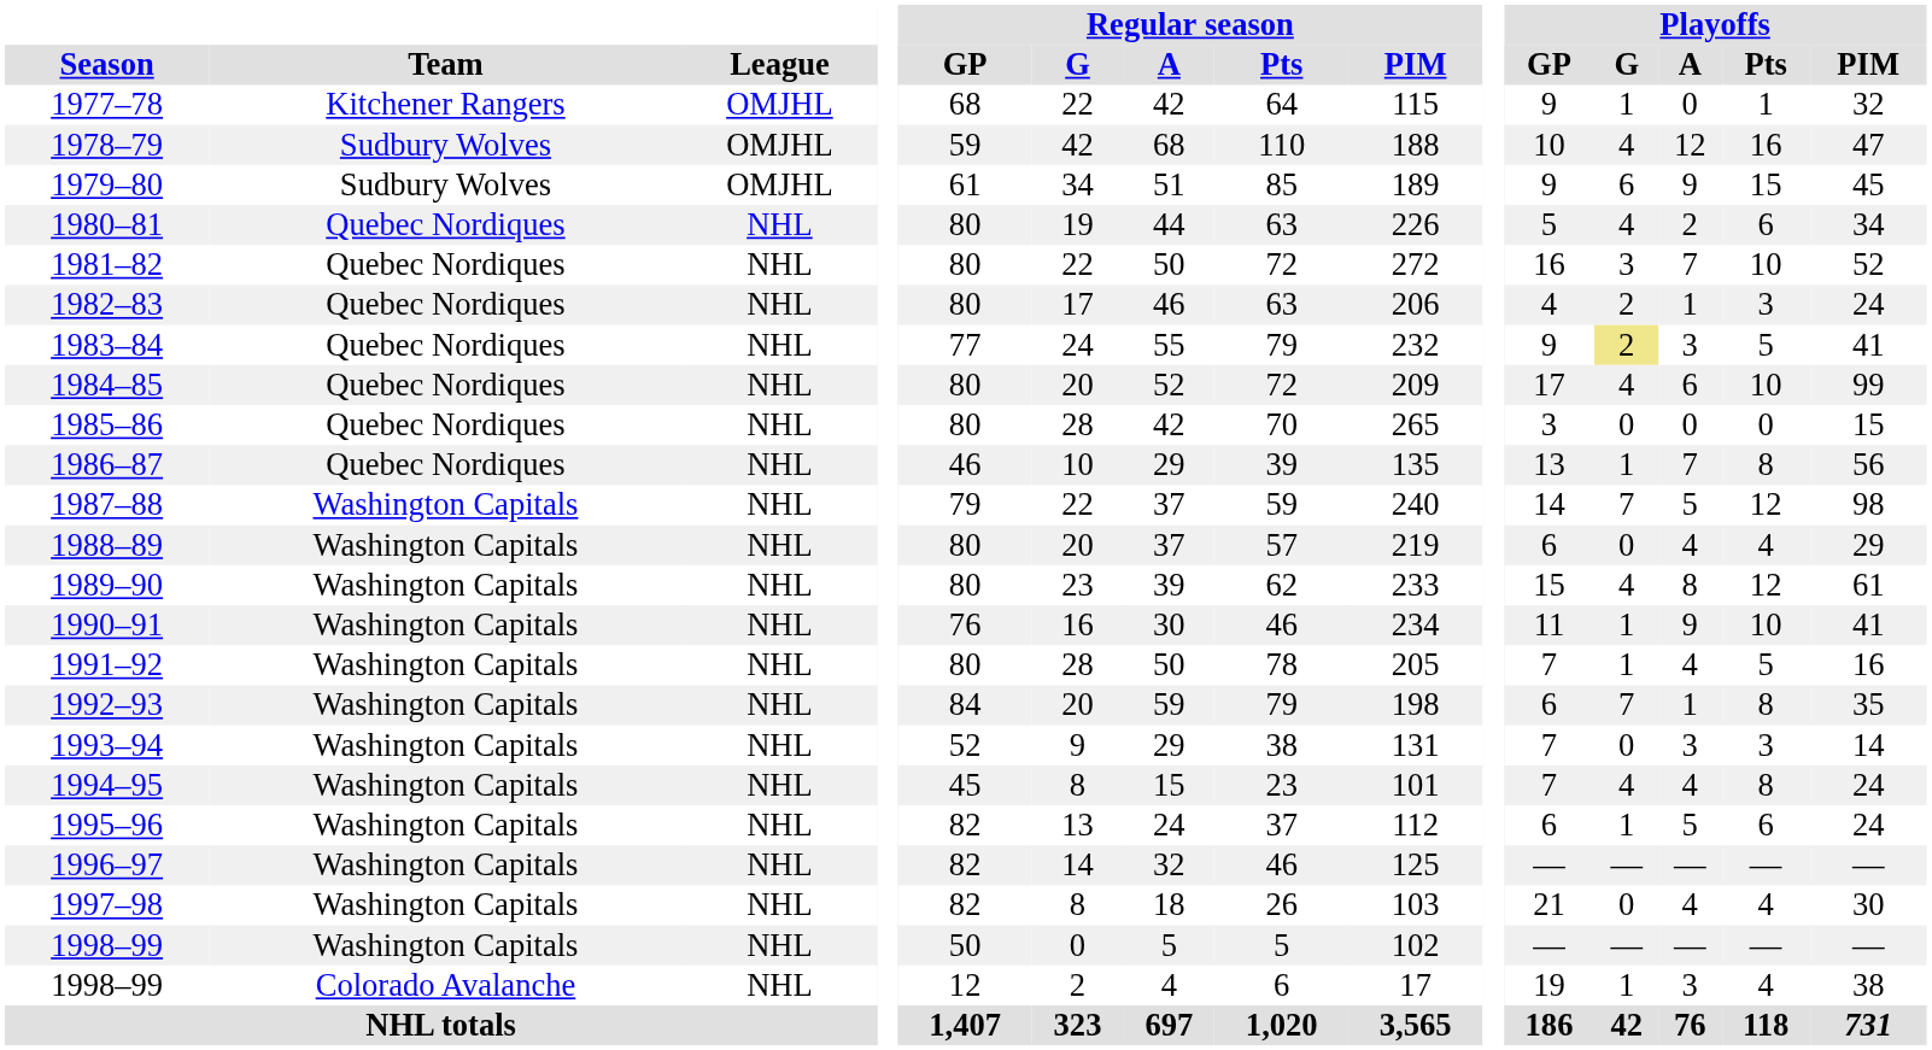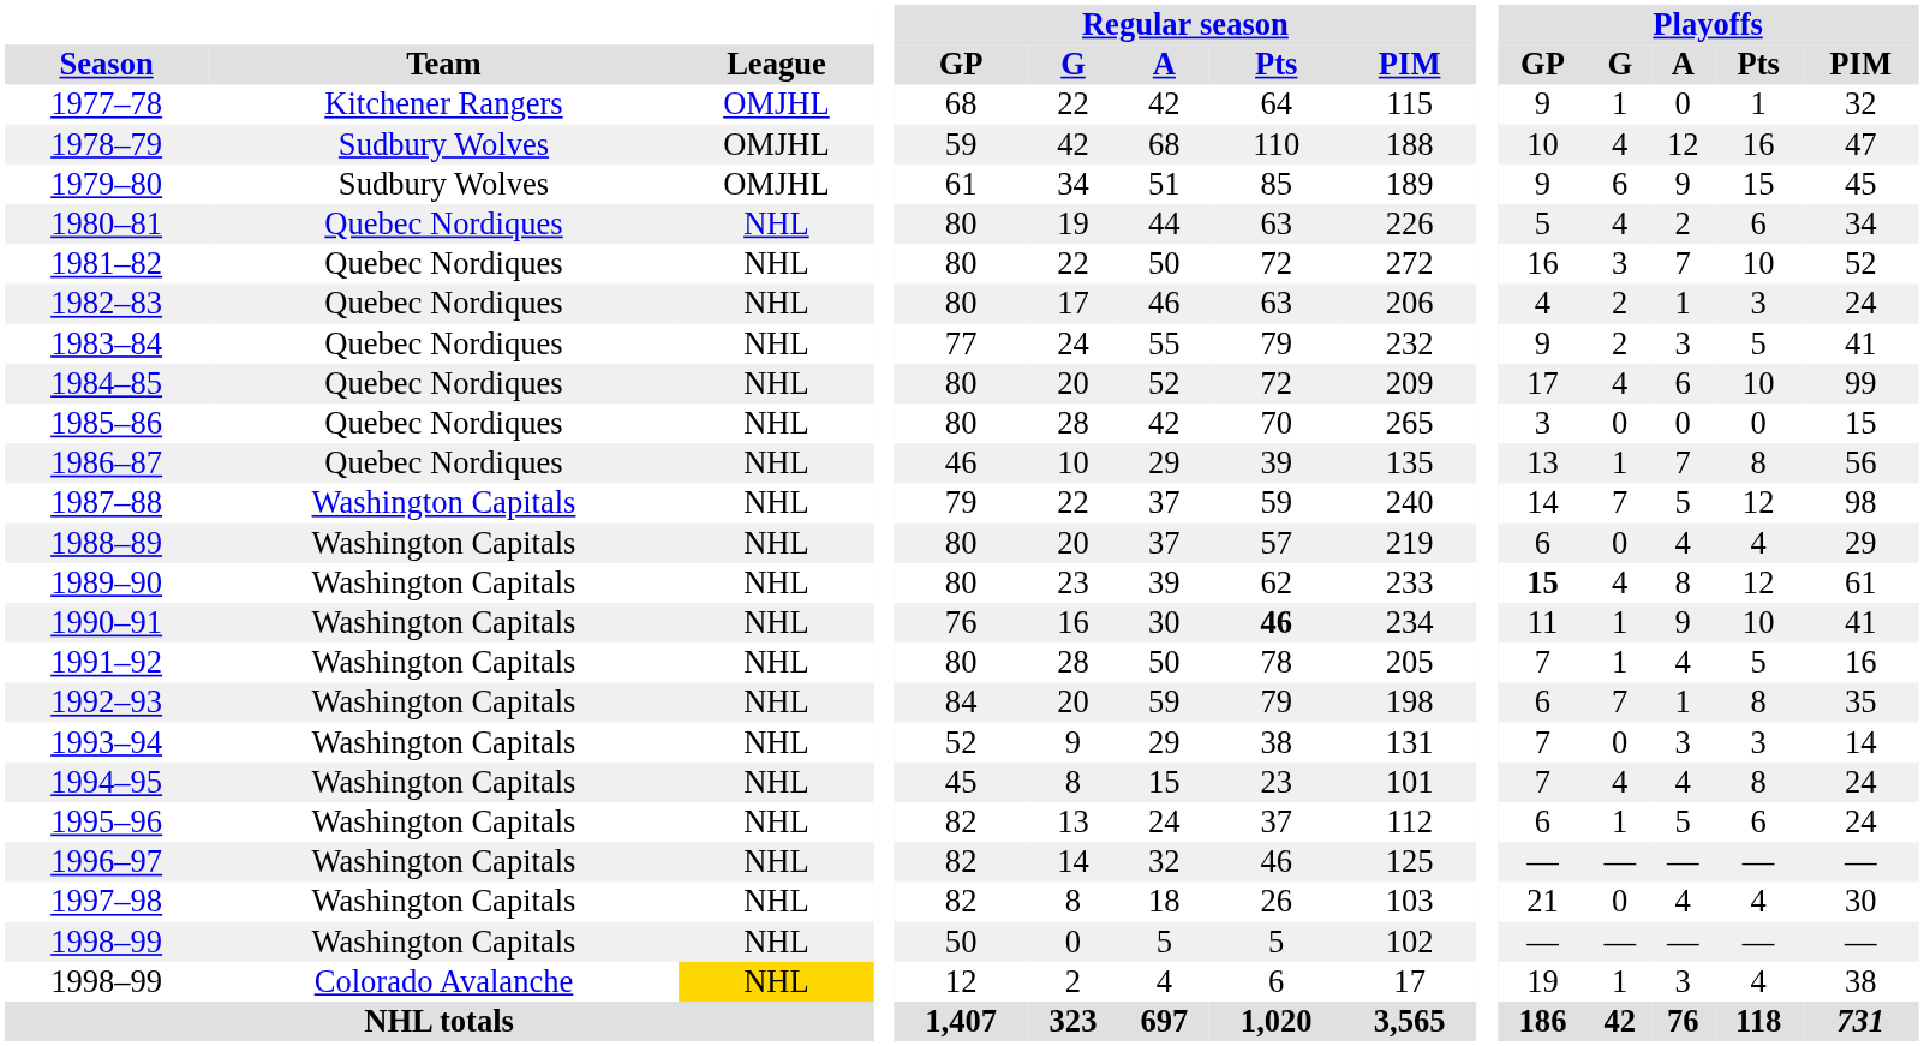 <table border="0" cellpadding="1" cellspacing="0" ID="Table3" style="text-align:center; width:60em">
 <tr bgcolor="#e0e0e0">
 <th colspan="3" bgcolor="#ffffff"> </th>
 <th rowspan="99" bgcolor="#ffffff"> </th>
 <th colspan="5"><a href='#'>Regular season</a></th>
 <th rowspan="99" bgcolor="#ffffff"> </th>
 <th colspan="5"><a href='#'>Playoffs</a></th>
 </tr>
 <tr bgcolor="#e0e0e0">
 <th><a href='#'>Season</a></th>
 <th>Team</th>
 <th>League</th>
 <th>GP</th>
 <th><a href='#'>G</a></th>
 <th><a href='#'>A</a></th>
 <th><a href='#'>Pts</a></th>
 <th><a href='#'>PIM</a></th>
 <th>GP</th>
 <th>G</th>
 <th>A</th>
 <th>Pts</th>
 <th>PIM</th>
 </tr>
 <tr ALIGN="center">
 <td ALIGN="center"><a href='#'>1977–78</a></td>
 <td ALIGN="center"><a href='#'>Kitchener Rangers</a></td>
 <td ALIGN="center"><a href='#'>OMJHL</a></td>
 <td ALIGN="center">68</td>
 <td ALIGN="center">22</td>
 <td ALIGN="center">42</td>
 <td ALIGN="center">64</td>
 <td ALIGN="center">115</td>
 <td ALIGN="center">9</td>
 <td ALIGN="center">1</td>
 <td ALIGN="center">0</td>
 <td ALIGN="center">1</td>
 <td ALIGN="center">32</td>
 </tr>
 <tr ALIGN="center" bgcolor="#f0f0f0">
 <td ALIGN="center"><a href='#'>1978–79</a></td>
 <td ALIGN="center"><a href='#'>Sudbury Wolves</a></td>
 <td ALIGN="center">OMJHL</td>
 <td ALIGN="center">59</td>
 <td ALIGN="center">42</td>
 <td ALIGN="center">68</td>
 <td ALIGN="center">110</td>
 <td ALIGN="center">188</td>
 <td ALIGN="center">10</td>
 <td ALIGN="center">4</td>
 <td ALIGN="center">12</td>
 <td ALIGN="center">16</td>
 <td ALIGN="center">47</td>
 </tr>
 <tr ALIGN="center">
 <td ALIGN="center"><a href='#'>1979–80</a></td>
 <td ALIGN="center">Sudbury Wolves</td>
 <td ALIGN="center">OMJHL</td>
 <td ALIGN="center">61</td>
 <td ALIGN="center">34</td>
 <td ALIGN="center">51</td>
 <td ALIGN="center">85</td>
 <td ALIGN="center">189</td>
 <td ALIGN="center">9</td>
 <td ALIGN="center">6</td>
 <td ALIGN="center">9</td>
 <td ALIGN="center">15</td>
 <td ALIGN="center">45</td>
 </tr>
 <tr ALIGN="center" bgcolor="#f0f0f0">
 <td ALIGN="center"><a href='#'>1980–81</a></td>
 <td ALIGN="center"><a href='#'>Quebec Nordiques</a></td>
 <td ALIGN="center"><a href='#'>NHL</a></td>
 <td ALIGN="center">80</td>
 <td ALIGN="center">19</td>
 <td ALIGN="center">44</td>
 <td ALIGN="center">63</td>
 <td ALIGN="center">226</td>
 <td ALIGN="center">5</td>
 <td ALIGN="center">4</td>
 <td ALIGN="center">2</td>
 <td ALIGN="center">6</td>
 <td ALIGN="center">34</td>
 </tr>
 <tr ALIGN="center">
 <td ALIGN="center"><a href='#'>1981–82</a></td>
 <td ALIGN="center">Quebec Nordiques</td>
 <td ALIGN="center">NHL</td>
 <td ALIGN="center">80</td>
 <td ALIGN="center">22</td>
 <td ALIGN="center">50</td>
 <td ALIGN="center">72</td>
 <td ALIGN="center">272</td>
 <td ALIGN="center">16</td>
 <td ALIGN="center">3</td>
 <td ALIGN="center">7</td>
 <td ALIGN="center">10</td>
 <td ALIGN="center">52</td>
 </tr>
 <tr ALIGN="center" bgcolor="#f0f0f0">
 <td ALIGN="center"><a href='#'>1982–83</a></td>
 <td ALIGN="center">Quebec Nordiques</td>
 <td ALIGN="center">NHL</td>
 <td ALIGN="center">80</td>
 <td ALIGN="center">17</td>
 <td ALIGN="center">46</td>
 <td ALIGN="center">63</td>
 <td ALIGN="center">206</td>
 <td ALIGN="center">4</td>
 <td ALIGN="center">2</td>
 <td ALIGN="center">1</td>
 <td ALIGN="center">3</td>
 <td ALIGN="center">24</td>
 </tr>
 <tr ALIGN="center">
 <td ALIGN="center"><a href='#'>1983–84</a></td>
 <td ALIGN="center">Quebec Nordiques</td>
 <td ALIGN="center">NHL</td>
 <td ALIGN="center">77</td>
 <td ALIGN="center">24</td>
 <td ALIGN="center">55</td>
 <td ALIGN="center">79</td>
 <td ALIGN="center">232</td>
 <td ALIGN="center">9</td>
-<td ALIGN="center" style="background: khaki;">2</td>
+<td ALIGN="center">2</td>
 <td ALIGN="center">3</td>
 <td ALIGN="center">5</td>
 <td ALIGN="center">41</td>
 </tr>
 <tr ALIGN="center" bgcolor="#f0f0f0">
 <td ALIGN="center"><a href='#'>1984–85</a></td>
 <td ALIGN="center">Quebec Nordiques</td>
 <td ALIGN="center">NHL</td>
 <td ALIGN="center">80</td>
 <td ALIGN="center">20</td>
 <td ALIGN="center">52</td>
 <td ALIGN="center">72</td>
 <td ALIGN="center">209</td>
 <td ALIGN="center">17</td>
 <td ALIGN="center">4</td>
 <td ALIGN="center">6</td>
 <td ALIGN="center">10</td>
 <td ALIGN="center">99</td>
 </tr>
 <tr ALIGN="center">
 <td ALIGN="center"><a href='#'>1985–86</a></td>
 <td ALIGN="center">Quebec Nordiques</td>
 <td ALIGN="center">NHL</td>
 <td ALIGN="center">80</td>
 <td ALIGN="center">28</td>
 <td ALIGN="center">42</td>
 <td ALIGN="center">70</td>
 <td ALIGN="center">265</td>
 <td ALIGN="center">3</td>
 <td ALIGN="center">0</td>
 <td ALIGN="center">0</td>
 <td ALIGN="center">0</td>
 <td ALIGN="center">15</td>
 </tr>
 <tr ALIGN="center" bgcolor="#f0f0f0">
 <td ALIGN="center"><a href='#'>1986–87</a></td>
 <td ALIGN="center">Quebec Nordiques</td>
 <td ALIGN="center">NHL</td>
 <td ALIGN="center">46</td>
 <td ALIGN="center">10</td>
 <td ALIGN="center">29</td>
 <td ALIGN="center">39</td>
 <td ALIGN="center">135</td>
 <td ALIGN="center">13</td>
 <td ALIGN="center">1</td>
 <td ALIGN="center">7</td>
 <td ALIGN="center">8</td>
 <td ALIGN="center">56</td>
 </tr>
 <tr ALIGN="center">
 <td ALIGN="center"><a href='#'>1987–88</a></td>
 <td ALIGN="center"><a href='#'>Washington Capitals</a></td>
 <td ALIGN="center">NHL</td>
 <td ALIGN="center">79</td>
 <td ALIGN="center">22</td>
 <td ALIGN="center">37</td>
 <td ALIGN="center">59</td>
 <td ALIGN="center">240</td>
 <td ALIGN="center">14</td>
 <td ALIGN="center">7</td>
 <td ALIGN="center">5</td>
 <td ALIGN="center">12</td>
 <td ALIGN="center">98</td>
 </tr>
 <tr ALIGN="center" bgcolor="#f0f0f0">
 <td ALIGN="center"><a href='#'>1988–89</a></td>
 <td ALIGN="center">Washington Capitals</td>
 <td ALIGN="center">NHL</td>
 <td ALIGN="center">80</td>
 <td ALIGN="center">20</td>
 <td ALIGN="center">37</td>
 <td ALIGN="center">57</td>
 <td ALIGN="center">219</td>
 <td ALIGN="center">6</td>
 <td ALIGN="center">0</td>
 <td ALIGN="center">4</td>
 <td ALIGN="center">4</td>
 <td ALIGN="center">29</td>
 </tr>
 <tr ALIGN="center">
 <td ALIGN="center"><a href='#'>1989–90</a></td>
 <td ALIGN="center">Washington Capitals</td>
 <td ALIGN="center">NHL</td>
 <td ALIGN="center">80</td>
 <td ALIGN="center">23</td>
 <td ALIGN="center">39</td>
 <td ALIGN="center">62</td>
 <td ALIGN="center">233</td>
-<td ALIGN="center">15</td>
+<td ALIGN="center"><strong>15</strong></td>
 <td ALIGN="center">4</td>
 <td ALIGN="center">8</td>
 <td ALIGN="center">12</td>
 <td ALIGN="center">61</td>
 </tr>
 <tr ALIGN="center" bgcolor="#f0f0f0">
 <td ALIGN="center"><a href='#'>1990–91</a></td>
 <td ALIGN="center">Washington Capitals</td>
 <td ALIGN="center">NHL</td>
 <td ALIGN="center">76</td>
 <td ALIGN="center">16</td>
 <td ALIGN="center">30</td>
-<td ALIGN="center">46</td>
+<td ALIGN="center"><strong>46</strong></td>
 <td ALIGN="center">234</td>
 <td ALIGN="center">11</td>
 <td ALIGN="center">1</td>
 <td ALIGN="center">9</td>
 <td ALIGN="center">10</td>
 <td ALIGN="center">41</td>
 </tr>
 <tr ALIGN="center">
 <td ALIGN="center"><a href='#'>1991–92</a></td>
 <td ALIGN="center">Washington Capitals</td>
 <td ALIGN="center">NHL</td>
 <td ALIGN="center">80</td>
 <td ALIGN="center">28</td>
 <td ALIGN="center">50</td>
 <td ALIGN="center">78</td>
 <td ALIGN="center">205</td>
 <td ALIGN="center">7</td>
 <td ALIGN="center">1</td>
 <td ALIGN="center">4</td>
 <td ALIGN="center">5</td>
 <td ALIGN="center">16</td>
 </tr>
 <tr ALIGN="center" bgcolor="#f0f0f0">
 <td ALIGN="center"><a href='#'>1992–93</a></td>
 <td ALIGN="center">Washington Capitals</td>
 <td ALIGN="center">NHL</td>
 <td ALIGN="center">84</td>
 <td ALIGN="center">20</td>
 <td ALIGN="center">59</td>
 <td ALIGN="center">79</td>
 <td ALIGN="center">198</td>
 <td ALIGN="center">6</td>
 <td ALIGN="center">7</td>
 <td ALIGN="center">1</td>
 <td ALIGN="center">8</td>
 <td ALIGN="center">35</td>
 </tr>
 <tr ALIGN="center">
 <td ALIGN="center"><a href='#'>1993–94</a></td>
 <td ALIGN="center">Washington Capitals</td>
 <td ALIGN="center">NHL</td>
 <td ALIGN="center">52</td>
 <td ALIGN="center">9</td>
 <td ALIGN="center">29</td>
 <td ALIGN="center">38</td>
 <td ALIGN="center">131</td>
 <td ALIGN="center">7</td>
 <td ALIGN="center">0</td>
 <td ALIGN="center">3</td>
 <td ALIGN="center">3</td>
 <td ALIGN="center">14</td>
 </tr>
 <tr ALIGN="center" bgcolor="#f0f0f0">
 <td ALIGN="center"><a href='#'>1994–95</a></td>
 <td ALIGN="center">Washington Capitals</td>
 <td ALIGN="center">NHL</td>
 <td ALIGN="center">45</td>
 <td ALIGN="center">8</td>
 <td ALIGN="center">15</td>
 <td ALIGN="center">23</td>
 <td ALIGN="center">101</td>
 <td ALIGN="center">7</td>
 <td ALIGN="center">4</td>
 <td ALIGN="center">4</td>
 <td ALIGN="center">8</td>
 <td ALIGN="center">24</td>
 </tr>
 <tr ALIGN="center">
 <td ALIGN="center"><a href='#'>1995–96</a></td>
 <td ALIGN="center">Washington Capitals</td>
 <td ALIGN="center">NHL</td>
 <td ALIGN="center">82</td>
 <td ALIGN="center">13</td>
 <td ALIGN="center">24</td>
 <td ALIGN="center">37</td>
 <td ALIGN="center">112</td>
 <td ALIGN="center">6</td>
 <td ALIGN="center">1</td>
 <td ALIGN="center">5</td>
 <td ALIGN="center">6</td>
 <td ALIGN="center">24</td>
 </tr>
 <tr ALIGN="center" bgcolor="#f0f0f0">
 <td ALIGN="center"><a href='#'>1996–97</a></td>
 <td ALIGN="center">Washington Capitals</td>
 <td ALIGN="center">NHL</td>
 <td ALIGN="center">82</td>
 <td ALIGN="center">14</td>
 <td ALIGN="center">32</td>
 <td ALIGN="center">46</td>
 <td ALIGN="center">125</td>
 <td ALIGN="center">—</td>
 <td ALIGN="center">—</td>
 <td ALIGN="center">—</td>
 <td ALIGN="center">—</td>
 <td ALIGN="center">—</td>
 </tr>
 <tr ALIGN="center">
 <td ALIGN="center"><a href='#'>1997–98</a></td>
 <td ALIGN="center">Washington Capitals</td>
 <td ALIGN="center">NHL</td>
 <td ALIGN="center">82</td>
 <td ALIGN="center">8</td>
 <td ALIGN="center">18</td>
 <td ALIGN="center">26</td>
 <td ALIGN="center">103</td>
 <td ALIGN="center">21</td>
 <td ALIGN="center">0</td>
 <td ALIGN="center">4</td>
 <td ALIGN="center">4</td>
 <td ALIGN="center">30</td>
 </tr>
 <tr ALIGN="center" bgcolor="#f0f0f0">
 <td ALIGN="center"><a href='#'>1998–99</a></td>
 <td ALIGN="center">Washington Capitals</td>
 <td ALIGN="center">NHL</td>
 <td ALIGN="center">50</td>
 <td ALIGN="center">0</td>
 <td ALIGN="center">5</td>
 <td ALIGN="center">5</td>
 <td ALIGN="center">102</td>
 <td ALIGN="center">—</td>
 <td ALIGN="center">—</td>
 <td ALIGN="center">—</td>
 <td ALIGN="center">—</td>
 <td ALIGN="center">—</td>
 </tr>
 <tr ALIGN="center">
 <td ALIGN="center">1998–99</td>
 <td ALIGN="center"><a href='#'>Colorado Avalanche</a></td>
-<td ALIGN="center">NHL</td>
+<td ALIGN="center" style="background: gold;">NHL</td>
 <td ALIGN="center">12</td>
 <td ALIGN="center">2</td>
 <td ALIGN="center">4</td>
 <td ALIGN="center">6</td>
 <td ALIGN="center">17</td>
 <td ALIGN="center">19</td>
 <td ALIGN="center">1</td>
 <td ALIGN="center">3</td>
 <td ALIGN="center">4</td>
 <td ALIGN="center">38</td>
 </tr>
 <tr ALIGN="center" bgcolor="#e0e0e0">
 <th colspan="3">NHL totals</th>
 <th ALIGN="center">1,407</th>
 <th ALIGN="center">323</th>
 <th ALIGN="center">697</th>
 <th ALIGN="center">1,020</th>
 <th ALIGN="center">3,565</th>
 <th ALIGN="center">186</th>
 <th ALIGN="center">42</th>
 <th ALIGN="center">76</th>
 <th ALIGN="center">118</th>
 <th ALIGN="center"><em>731</em></th>
 </tr>
 </table>
